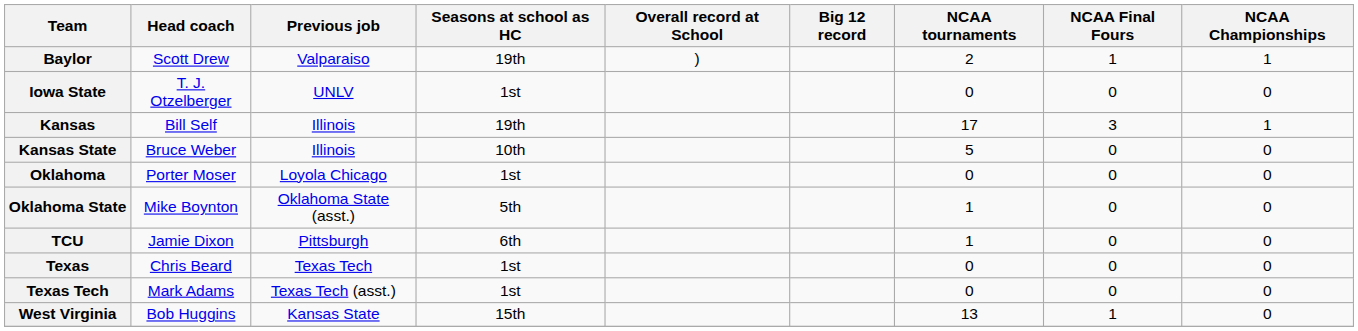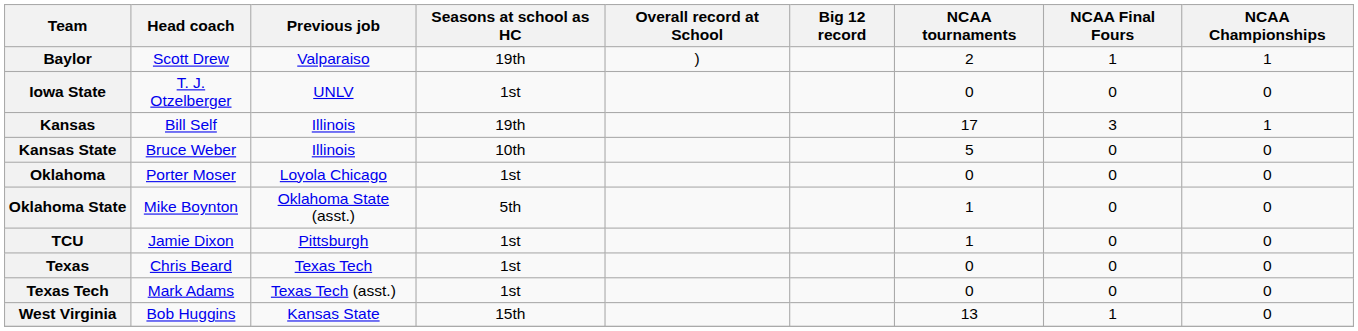 <table class="wikitable sortable" style="text-align: center;font-size:90%;">
 <tr>
 <th width="110">Team</th>
 <th>Head coach</th>
 <th>Previous job</th>
 <th>Seasons at school as HC</th>
 <th>Overall record at School</th>
 <th>Big 12 record</th>
 <th>NCAA tournaments</th>
 <th>NCAA Final Fours</th>
 <th>NCAA Championships</th>
 </tr>
 <tr>
 <th>Baylor</th>
 <td><a href='#'>Scott Drew</a></td>
 <td><a href='#'>Valparaiso</a></td>
 <td>19th</td>
 <td>)</td>
 <td></td>
 <td>2</td>
 <td>1</td>
 <td>1</td>
 </tr>
 <tr>
 <th>Iowa State</th>
 <td><a href='#'>T. J. Otzelberger</a></td>
 <td><a href='#'>UNLV</a></td>
 <td>1st</td>
 <td></td>
 <td></td>
 <td>0</td>
 <td>0</td>
 <td>0</td>
 </tr>
 <tr>
 <th>Kansas</th>
 <td><a href='#'>Bill Self</a></td>
 <td><a href='#'>Illinois</a></td>
 <td>19th</td>
 <td></td>
 <td></td>
 <td>17</td>
 <td>3</td>
 <td>1</td>
 </tr>
 <tr>
 <th>Kansas State</th>
 <td><a href='#'>Bruce Weber</a></td>
 <td><a href='#'>Illinois</a></td>
 <td>10th</td>
 <td></td>
 <td></td>
 <td>5</td>
 <td>0</td>
 <td>0</td>
 </tr>
 <tr>
 <th>Oklahoma</th>
 <td><a href='#'>Porter Moser</a></td>
 <td><a href='#'>Loyola Chicago</a></td>
 <td>1st</td>
 <td></td>
 <td></td>
 <td>0</td>
 <td>0</td>
 <td>0</td>
 </tr>
 <tr>
 <th>Oklahoma State</th>
 <td><a href='#'>Mike Boynton</a></td>
 <td><a href='#'>Oklahoma State</a> (asst.)</td>
 <td>5th</td>
 <td></td>
 <td></td>
 <td>1</td>
 <td>0</td>
 <td>0</td>
 </tr>
 <tr>
 <th>TCU</th>
 <td><a href='#'>Jamie Dixon</a></td>
 <td><a href='#'>Pittsburgh</a></td>
-<td>6th</td>
+<td>1st</td>
 <td></td>
 <td></td>
 <td>1</td>
 <td>0</td>
 <td>0</td>
 </tr>
 <tr>
 <th>Texas</th>
 <td><a href='#'>Chris Beard</a></td>
 <td><a href='#'>Texas Tech</a></td>
 <td>1st</td>
 <td></td>
 <td></td>
 <td>0</td>
 <td>0</td>
 <td>0</td>
 </tr>
 <tr>
 <th>Texas Tech</th>
 <td><a href='#'>Mark Adams</a></td>
 <td><a href='#'>Texas Tech</a> (asst.)</td>
 <td>1st</td>
 <td></td>
 <td></td>
 <td>0</td>
 <td>0</td>
 <td>0</td>
 </tr>
 <tr>
 <th>West Virginia</th>
 <td><a href='#'>Bob Huggins</a></td>
 <td><a href='#'>Kansas State</a></td>
 <td>15th</td>
 <td></td>
 <td></td>
 <td>13</td>
 <td>1</td>
 <td>0</td>
 </tr>
 <tr>
 </tr>
 </table>
